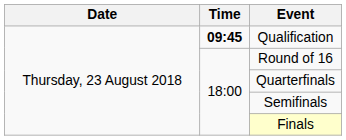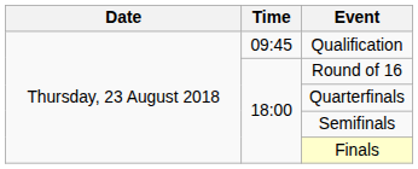 <table class = "wikitable" style="text-align:center;">
 <tr>
 <th width=220>Date</th>
 <th width=50>Time</th>
 <th width=100>Event</th>
 </tr>
 <tr>
 <td rowspan=5>Thursday, 23 August 2018</td>
-<td><strong>09:45</strong></td>
+<td>09:45</td>
 <td>Qualification</td>
 </tr>
 <tr>
 <td rowspan=4>18:00</td>
 <td>Round of 16</td>
 </tr>
 <tr>
 <td>Quarterfinals</td>
 </tr>
 <tr>
 <td>Semifinals</td>
 </tr>
 <tr>
 <td bgcolor=ffffcc>Finals</td>
 </tr>
 </table>
